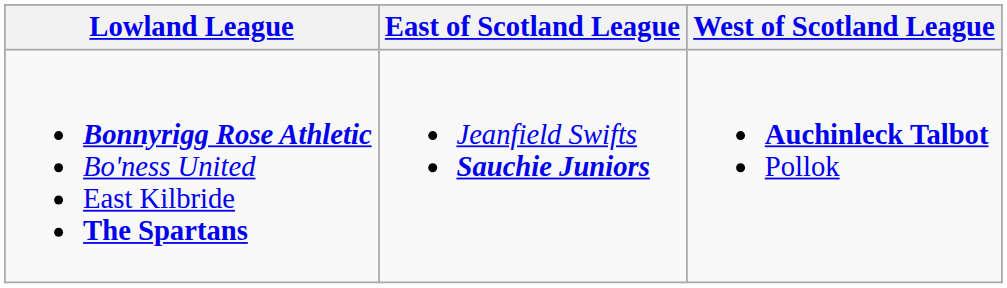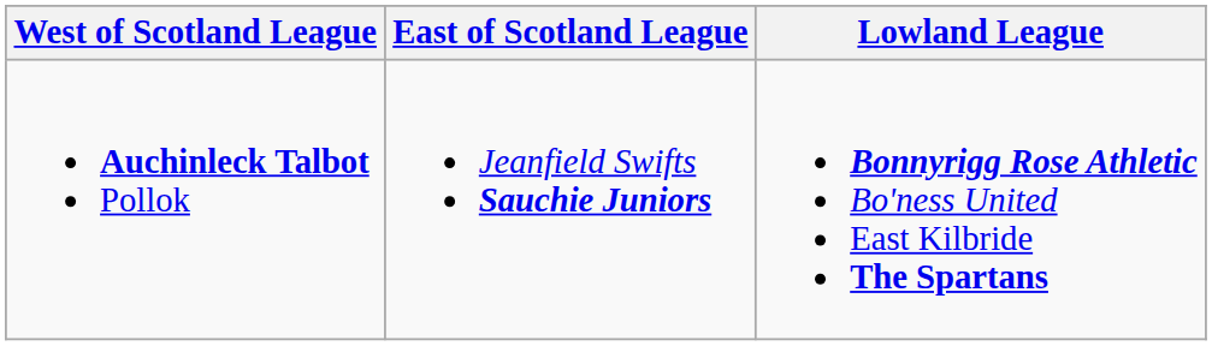 <table class="wikitable" style="text-align:left">
 <tr>
+<th><a href='#'>West of Scotland League</a></th>
+<th><a href='#'>East of Scotland League</a></th>
 <th><a href='#'>Lowland League</a></th>
-<th><a href='#'>East of Scotland League</a></th>
-<th><a href='#'>West of Scotland League</a></th>
 </tr>
 <tr>
+<td valign=top><br><ul><li><strong><a href='#'>Auchinleck Talbot</a></strong></li><li><a href='#'>Pollok</a></li></ul></td>
+<td valign=top><br><ul><li><em><a href='#'>Jeanfield Swifts</a></em></li><li><strong><em><a href='#'>Sauchie Juniors</a></em></strong></li></ul></td>
 <td valign=top><br><ul><li><strong><em><a href='#'>Bonnyrigg Rose Athletic</a></em></strong></li><li><em><a href='#'>Bo'ness United</a></em></li><li><a href='#'>East Kilbride</a></li><li><strong><a href='#'>The Spartans</a></strong></li></ul></td>
-<td valign=top><br><ul><li><em><a href='#'>Jeanfield Swifts</a></em></li><li><strong><em><a href='#'>Sauchie Juniors</a></em></strong></li></ul></td>
-<td valign=top><br><ul><li><strong><a href='#'>Auchinleck Talbot</a></strong></li><li><a href='#'>Pollok</a></li></ul></td>
 </tr>
 </table>
